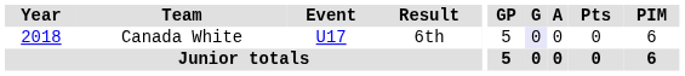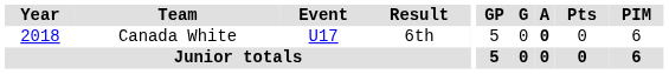 <table border="0" cellpadding="1" cellspacing="0" ID="Table3" style="text-align:center; width:40em">
 <tr bgcolor="#e0e0e0">
 <th>Year</th>
 <th>Team</th>
 <th>Event</th>
 <th>Result</th>
 <th rowspan="99" bgcolor="#ffffff"></th>
 <th>GP</th>
 <th>G</th>
 <th>A</th>
 <th>Pts</th>
 <th>PIM</th>
 </tr>
 <tr>
 <td><a href='#'>2018</a></td>
 <td>Canada White</td>
 <td><a href='#'>U17</a></td>
 <td>6th</td>
 <td>5</td>
-<td style="background: lavender;">0</td>
 <td>0</td>
+<td><strong>0</strong></td>
 <td>0</td>
 <td>6</td>
 </tr>
 <tr bgcolor="#e0e0e0">
 <th colspan="4">Junior totals</th>
 <th>5</th>
 <th>0</th>
 <th>0</th>
 <th>0</th>
 <th>6</th>
 </tr>
 </table>
